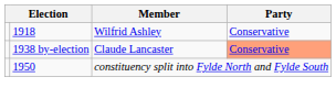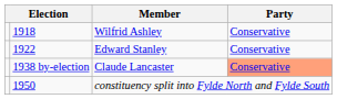 <table class="wikitable">
 <tr>
 <th colspan="2">Election</th>
 <th>Member</th>
 <th>Party</th>
 </tr>
 <tr>
 <td style="color:inherit;background-color: "></td>
 <td><a href='#'>1918</a></td>
 <td><a href='#'>Wilfrid Ashley</a></td>
 <td><a href='#'>Conservative</a></td>
 </tr>
 <tr>
 <td style="color:inherit;background-color: "></td>
+<td><a href='#'>1922</a></td>
+<td><a href='#'>Edward Stanley</a></td>
+<td><a href='#'>Conservative</a></td>
+</tr>
+<tr>
+<td style="color:inherit;background-color: "></td>
 <td><a href='#'>1938 by-election</a></td>
 <td><a href='#'>Claude Lancaster</a></td>
 <td style="background: lightsalmon;"><a href='#'>Conservative</a></td>
 </tr>
 <tr>
 <td></td>
 <td><a href='#'>1950</a></td>
 <td colspan="2"><em>constituency split into <a href='#'>Fylde North</a> and <a href='#'>Fylde South</a></em></td>
 </tr>
 </table>
